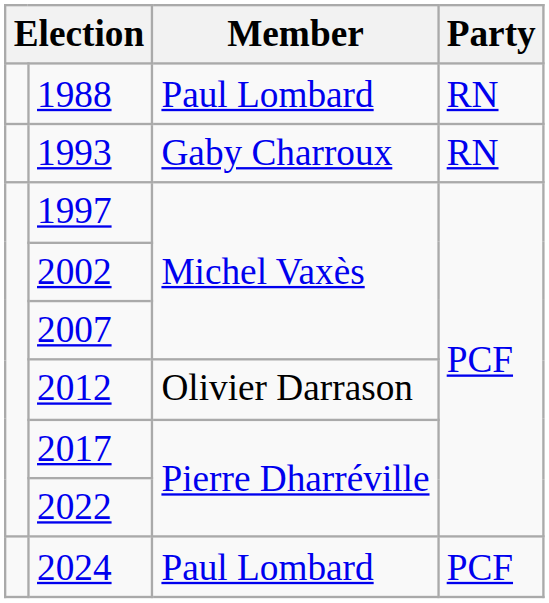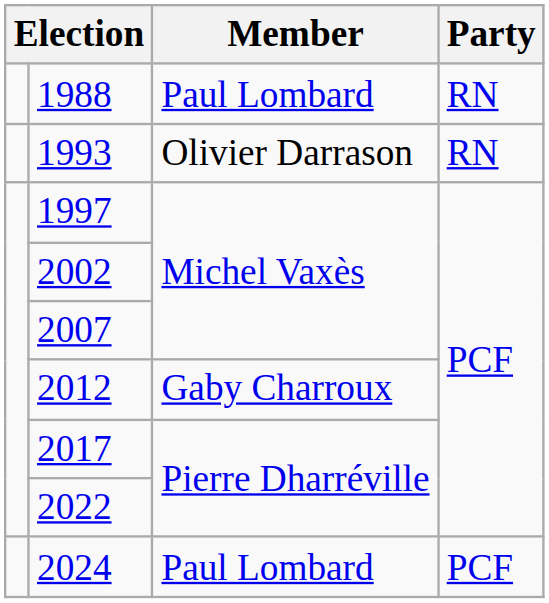 <table class="wikitable">
 <tr>
 <th colspan="2">Election</th>
 <th>Member</th>
 <th>Party</th>
 </tr>
 <tr>
 <td style="color:inherit;background-color: "></td>
 <td><a href='#'>1988</a></td>
 <td><a href='#'>Paul Lombard</a></td>
 <td><a href='#'>RN</a></td>
 </tr>
 <tr>
 <td style="color:inherit;background-color: "></td>
 <td><a href='#'>1993</a></td>
-<td><a href='#'>Gaby Charroux</a></td>
+<td>Olivier Darrason</td>
 <td><a href='#'>RN</a></td>
 </tr>
 <tr>
 <td rowspan="6" style="color:inherit;background-color: "></td>
 <td><a href='#'>1997</a></td>
 <td rowspan="3"><a href='#'>Michel Vaxès</a></td>
 <td rowspan="6"><a href='#'>PCF</a></td>
 </tr>
 <tr>
 <td><a href='#'>2002</a></td>
 </tr>
 <tr>
 <td><a href='#'>2007</a></td>
 </tr>
 <tr>
 <td><a href='#'>2012</a></td>
-<td>Olivier Darrason</td>
+<td><a href='#'>Gaby Charroux</a></td>
 </tr>
 <tr>
 <td><a href='#'>2017</a></td>
 <td rowspan="2"><a href='#'>Pierre Dharréville</a></td>
 </tr>
 <tr>
 <td><a href='#'>2022</a></td>
 </tr>
 <tr>
 <td style="color:inherit;background-color: "></td>
 <td><a href='#'>2024</a></td>
 <td><a href='#'>Paul Lombard</a></td>
 <td><a href='#'>PCF</a></td>
 </tr>
 </table>
